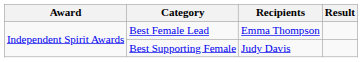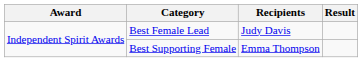 <table class="wikitable sortable">
 <tr>
 <th>Award</th>
 <th>Category</th>
 <th>Recipients</th>
 <th>Result</th>
 </tr>
 <tr>
 <td rowspan="2"><a href='#'>Independent Spirit Awards</a></td>
 <td><a href='#'>Best Female Lead</a></td>
-<td><a href='#'>Emma Thompson</a></td>
+<td><a href='#'>Judy Davis</a></td>
 <td></td>
 </tr>
 <tr>
 <td><a href='#'>Best Supporting Female</a></td>
-<td><a href='#'>Judy Davis</a></td>
+<td><a href='#'>Emma Thompson</a></td>
 <td></td>
 </tr>
 </table>
